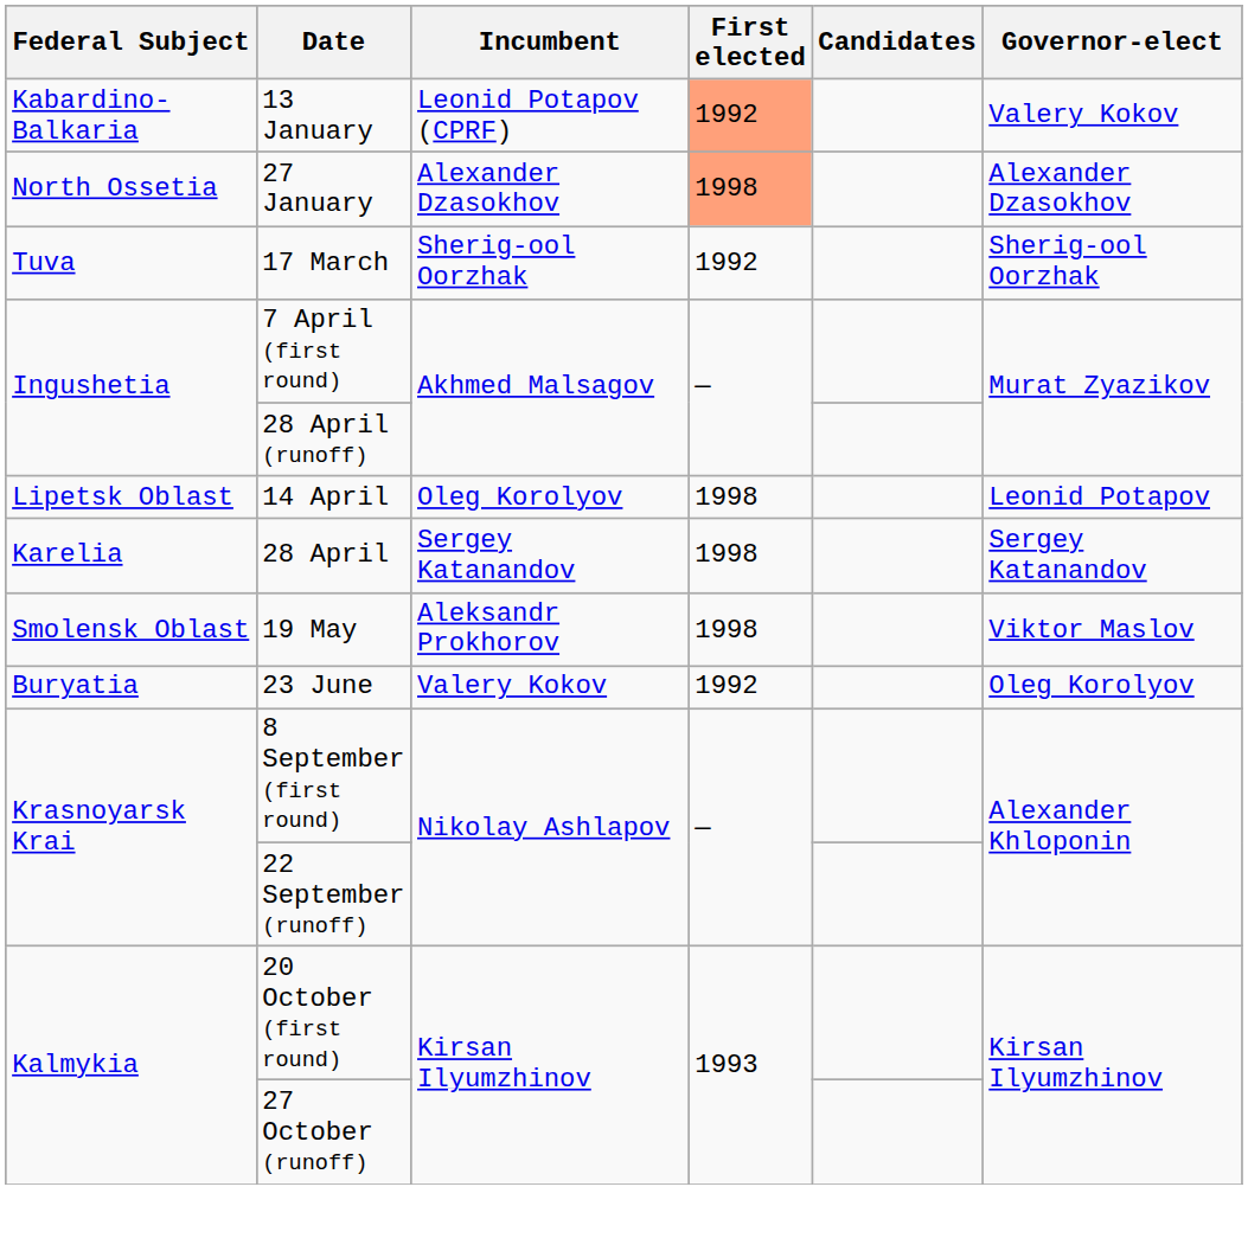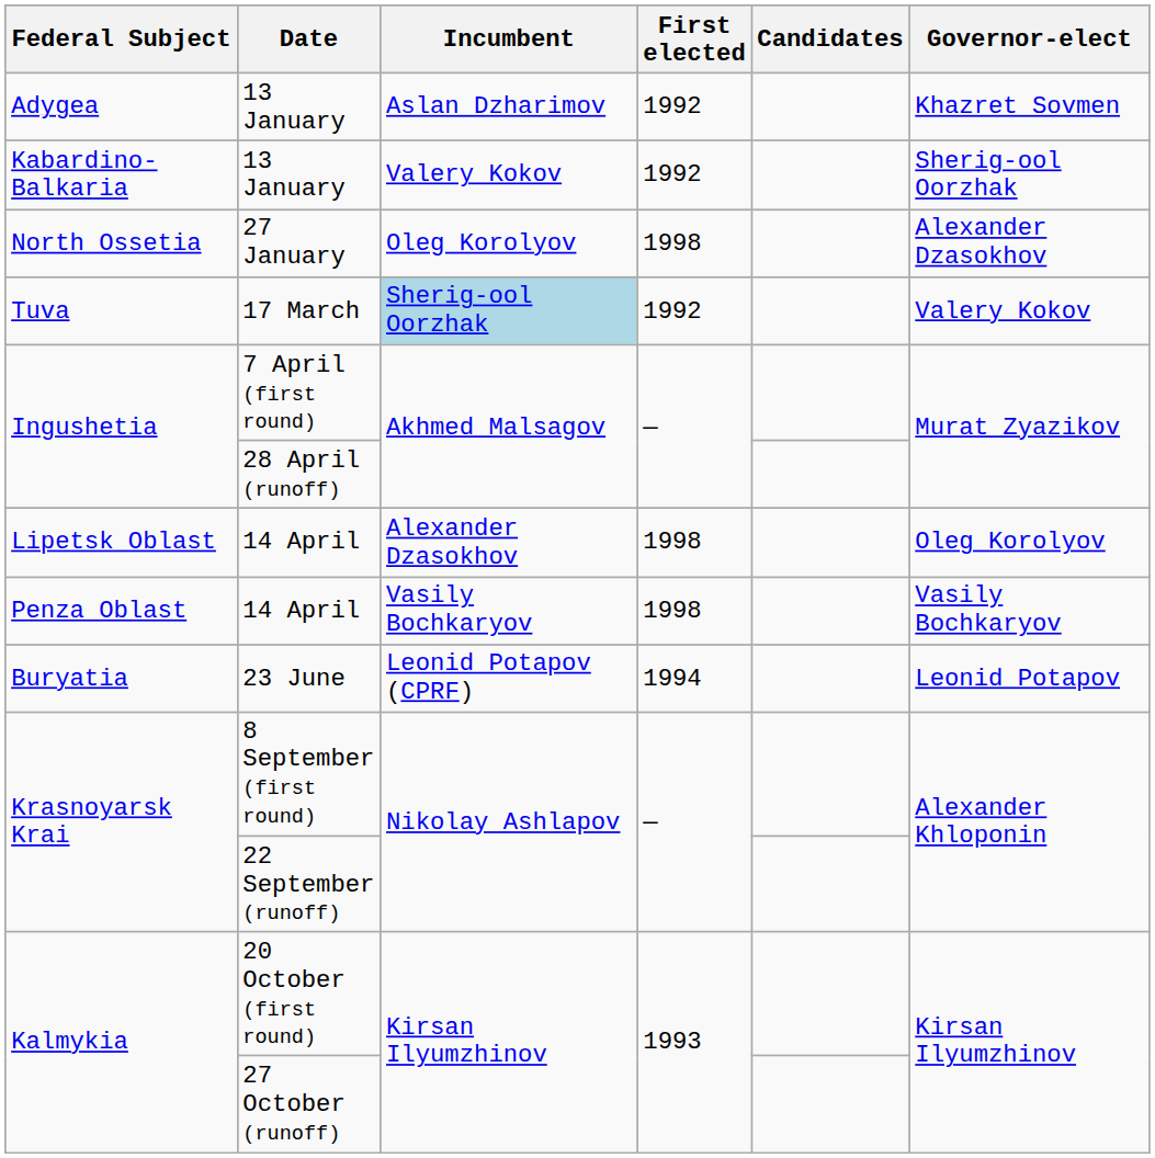 <table class="wikitable">
 <tr>
 <th>Federal Subject</th>
 <th style="width: 70px">Date</th>
 <th>Incumbent</th>
 <th>First<br>elected</th>
 <th>Candidates</th>
 <th>Governor-elect</th>
 </tr>
 <tr>
+<td><a href='#'>Adygea</a></td>
+<td>13 January</td>
+<td><a href='#'>Aslan Dzharimov</a></td>
+<td>1992</td>
+<td nowrap></td>
+<td><a href='#'>Khazret Sovmen</a></td>
+</tr>
+<tr>
 <td><a href='#'>Kabardino-Balkaria</a></td>
 <td>13 January</td>
-<td><a href='#'>Leonid Potapov</a> (<a href='#'>CPRF</a>)</td>
-<td style="background: lightsalmon;">1992</td>
+<td><a href='#'>Valery Kokov</a></td>
+<td>1992</td>
 <td nowrap></td>
-<td><a href='#'>Valery Kokov</a></td>
+<td><a href='#'>Sherig-ool Oorzhak</a></td>
 </tr>
 <tr>
 <td><a href='#'>North Ossetia</a></td>
 <td>27 January</td>
-<td><a href='#'>Alexander Dzasokhov</a></td>
-<td style="background: lightsalmon;">1998</td>
+<td><a href='#'>Oleg Korolyov</a></td>
+<td>1998</td>
 <td nowrap></td>
 <td><a href='#'>Alexander Dzasokhov</a></td>
 </tr>
 <tr>
 <td><a href='#'>Tuva</a></td>
 <td>17 March</td>
-<td><a href='#'>Sherig-ool Oorzhak</a></td>
+<td style="background: lightblue;"><a href='#'>Sherig-ool Oorzhak</a></td>
 <td>1992</td>
 <td nowrap></td>
-<td><a href='#'>Sherig-ool Oorzhak</a></td>
+<td><a href='#'>Valery Kokov</a></td>
 </tr>
 <tr>
 <td rowspan="2"><a href='#'>Ingushetia</a></td>
 <td>7 April<br><small>(first round)</small></td>
 <td rowspan="2"><a href='#'>Akhmed Malsagov</a></td>
 <td rowspan="2">—</td>
 <td nowrap=""></td>
 <td rowspan="2"><a href='#'>Murat Zyazikov</a></td>
 </tr>
 <tr>
 <td>28 April<br><small>(runoff)</small></td>
 <td></td>
 </tr>
 <tr>
 <td><a href='#'>Lipetsk Oblast</a></td>
 <td>14 April</td>
-<td><a href='#'>Oleg Korolyov</a></td>
+<td><a href='#'>Alexander Dzasokhov</a></td>
 <td>1998</td>
 <td></td>
-<td><a href='#'>Leonid Potapov</a></td>
+<td><a href='#'>Oleg Korolyov</a></td>
 </tr>
 <tr>
-<td><a href='#'>Karelia</a></td>
-<td>28 April</td>
-<td><a href='#'>Sergey Katanandov</a></td>
+<td><a href='#'>Penza Oblast</a></td>
+<td>14 April</td>
+<td><a href='#'>Vasily Bochkaryov</a></td>
 <td>1998</td>
 <td></td>
-<td><a href='#'>Sergey Katanandov</a></td>
-</tr>
-<tr>
-<td><a href='#'>Smolensk Oblast</a></td>
-<td>19 May</td>
-<td><a href='#'>Aleksandr Prokhorov</a></td>
-<td>1998</td>
-<td nowrap=""></td>
-<td><a href='#'>Viktor Maslov</a></td>
+<td><a href='#'>Vasily Bochkaryov</a></td>
 </tr>
 <tr>
 <td><a href='#'>Buryatia</a></td>
 <td>23 June</td>
-<td><a href='#'>Valery Kokov</a></td>
-<td>1992</td>
+<td><a href='#'>Leonid Potapov</a> (<a href='#'>CPRF</a>)</td>
+<td>1994</td>
 <td nowrap=""></td>
-<td><a href='#'>Oleg Korolyov</a></td>
+<td><a href='#'>Leonid Potapov</a></td>
 </tr>
 <tr>
 <td rowspan="2"><a href='#'>Krasnoyarsk Krai</a></td>
 <td>8 September<br><small>(first round)</small></td>
 <td rowspan="2"><a href='#'>Nikolay Ashlapov</a></td>
 <td rowspan="2">—</td>
 <td nowrap=""></td>
 <td rowspan="2"><a href='#'>Alexander Khloponin</a></td>
 </tr>
 <tr>
 <td>22 September<br><small>(runoff)</small></td>
 <td></td>
 </tr>
 <tr>
 <td rowspan="2"><a href='#'>Kalmykia</a></td>
 <td>20 October<br><small>(first round)</small></td>
 <td rowspan="2"><a href='#'>Kirsan Ilyumzhinov</a></td>
 <td rowspan="2">1993</td>
 <td nowrap=""></td>
 <td rowspan="2"><a href='#'>Kirsan Ilyumzhinov</a></td>
 </tr>
 <tr>
 <td>27 October<br><small>(runoff)</small></td>
 <td></td>
 </tr>
 </table>
